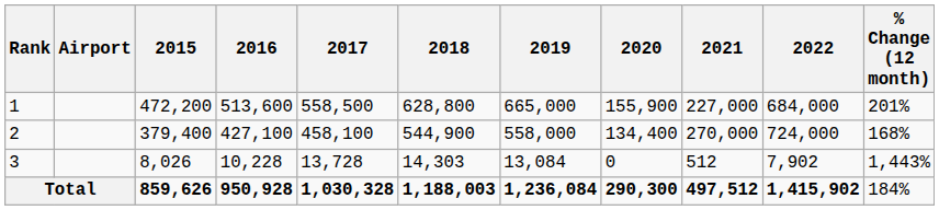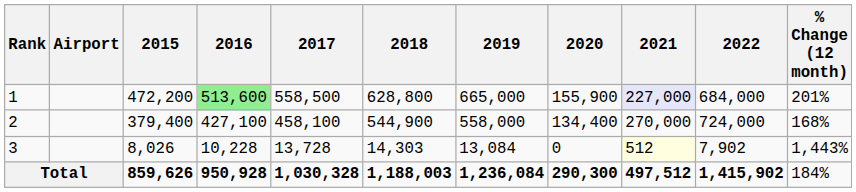 <table class="wikitable sortable">
 <tr>
 <th>Rank</th>
 <th>Airport</th>
 <th>2015</th>
 <th>2016</th>
 <th>2017</th>
 <th>2018</th>
 <th>2019</th>
 <th>2020</th>
 <th>2021</th>
 <th>2022</th>
 <th>% Change (12 month)</th>
 </tr>
 <tr>
 <td>1</td>
 <td></td>
 <td>472,200</td>
-<td>513,600</td>
+<td style="background: lightgreen;">513,600</td>
 <td>558,500</td>
 <td>628,800</td>
 <td>665,000</td>
 <td>155,900</td>
-<td>227,000</td>
+<td style="background: lavender;">227,000</td>
 <td>684,000</td>
 <td> 201%</td>
 </tr>
 <tr>
 <td>2</td>
 <td></td>
 <td>379,400</td>
 <td>427,100</td>
 <td>458,100</td>
 <td>544,900</td>
 <td>558,000</td>
 <td>134,400</td>
 <td>270,000</td>
 <td>724,000</td>
 <td> 168%</td>
 </tr>
 <tr>
 <td>3</td>
 <td></td>
 <td>8,026</td>
 <td>10,228</td>
 <td>13,728</td>
 <td>14,303</td>
 <td>13,084</td>
 <td>0</td>
-<td>512</td>
+<td style="background: lightyellow;">512</td>
 <td>7,902</td>
 <td> 1,443%</td>
 </tr>
 <tr>
 <th colspan="2"><strong>Total</strong></th>
 <td><strong>859,626</strong></td>
 <td><strong>950,928</strong></td>
 <td><strong>1,030,328</strong></td>
 <td><strong>1,188,003</strong></td>
 <td><strong>1,236,084</strong></td>
 <td><strong>290,300</strong></td>
 <td><strong>497,512</strong></td>
 <td><strong>1,415,902</strong></td>
 <td> 184%</td>
 </tr>
 </table>
